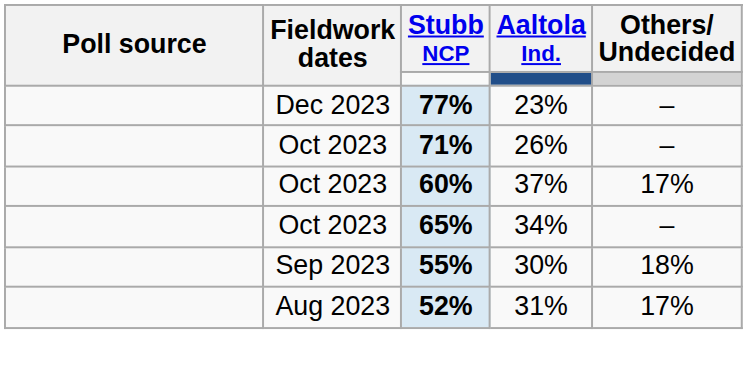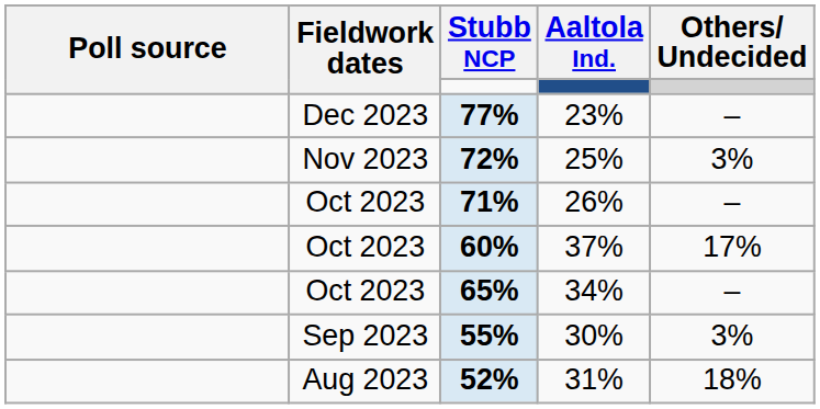 <table class="wikitable mw-collapsible mw-collapsed" style="text-align:center;font-size:85%;line-height:14px;">
 <tr bgcolor="lightgray">
 <th rowspan="3" style="width:125px;">Poll source</th>
 <th rowspan="3">Fieldwork<br>dates</th>
 </tr>
 <tr>
 <th><a href='#'>Stubb</a><br><small><a href='#'>NCP</a></small></th>
 <th><a href='#'>Aaltola</a><br><small><a href='#'>Ind.</a></small></th>
 <th>Others/<br>Undecided</th>
 </tr>
 <tr>
 <td></td>
 <td bgcolor="#214E89"></td>
 <td bgcolor="lightgray"></td>
 </tr>
 <tr>
 <td></td>
 <td>Dec 2023</td>
 <td style="background:#D9E9F4;"><strong>77%</strong></td>
 <td>23%</td>
 <td>–</td>
+</tr>
+<tr>
+<td></td>
+<td>Nov 2023</td>
+<td style="background:#D9E9F4;"><strong>72%</strong></td>
+<td>25%</td>
+<td>3%</td>
 </tr>
 <tr>
 <td></td>
 <td>Oct 2023</td>
 <td style="background:#D9E9F4;"><strong>71%</strong></td>
 <td>26%</td>
 <td>–</td>
 </tr>
 <tr>
 <td></td>
 <td>Oct 2023</td>
 <td style="background:#D9E9F4;"><strong>60%</strong></td>
 <td>37%</td>
 <td>17%</td>
 </tr>
 <tr>
 <td></td>
 <td>Oct 2023</td>
 <td style="background:#D9E9F4;"><strong>65%</strong></td>
 <td>34%</td>
 <td>–</td>
 </tr>
 <tr>
 <td></td>
 <td>Sep 2023</td>
 <td style="background:#D9E9F4;"><strong>55%</strong></td>
 <td>30%</td>
-<td>18%</td>
+<td>3%</td>
 </tr>
 <tr>
 <td></td>
 <td>Aug 2023</td>
 <td style="background:#D9E9F4;"><strong>52%</strong></td>
 <td>31%</td>
-<td>17%</td>
+<td>18%</td>
 </tr>
 </table>
